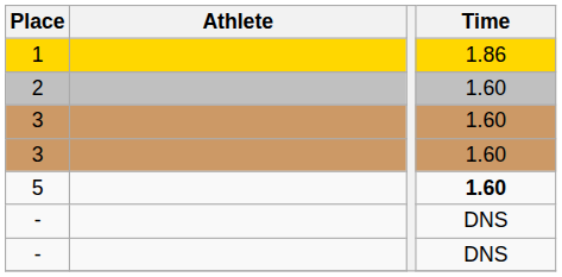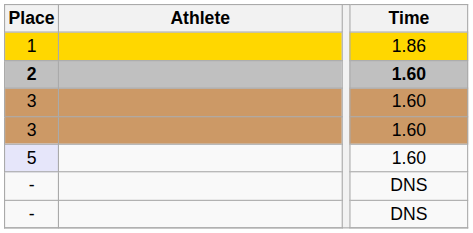 <table class="wikitable" style="text-align:center">
 <tr>
 <th>Place</th>
 <th width=250>Athlete</th>
 <th rowspan=27></th>
 <th width=100>Time</th>
 </tr>
 <tr bgcolor=gold>
 <td>1</td>
 <td align=left></td>
 <td>1.86</td>
 </tr>
 <tr bgcolor=silver>
-<td>2</td>
+<td><strong>2</strong></td>
 <td align=left></td>
-<td>1.60</td>
+<td><strong>1.60</strong></td>
 </tr>
 <tr bgcolor=cc9966>
 <td>3</td>
 <td align=left></td>
 <td>1.60</td>
 </tr>
 <tr bgcolor=cc9966>
 <td>3</td>
 <td align=left></td>
 <td>1.60</td>
 </tr>
 <tr>
-<td>5</td>
+<td style="background: lavender;">5</td>
 <td align=left></td>
-<td><strong>1.60</strong></td>
+<td>1.60</td>
 </tr>
 <tr>
 <td>-</td>
 <td align=left></td>
 <td>DNS</td>
 </tr>
 <tr>
 <td>-</td>
 <td align=left></td>
 <td>DNS</td>
 </tr>
 <tr>
 </tr>
 </table>
